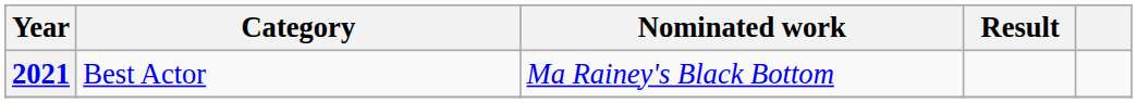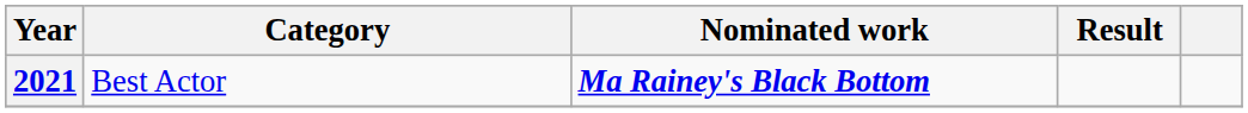 <table class="wikitable plainrowheaders" style="width:100%;">
 <tr>
 <th scope="col" style="width:5%;">Year</th>
 <th scope="col" style="width:40%;">Category</th>
 <th scope="col" style="width:40%;">Nominated work</th>
 <th scope="col" style="width:10%;">Result</th>
 <th scope="col" style="width:5%;"></th>
 </tr>
 <tr>
 <th scope="row" style="text-align:center;"><a href='#'>2021</a></th>
 <td><a href='#'>Best Actor</a></td>
-<td><em><a href='#'>Ma Rainey's Black Bottom</a></em></td>
+<td><strong><em><a href='#'>Ma Rainey's Black Bottom</a></em></strong></td>
 <td></td>
 <td style="text-align:center;"></td>
 </tr>
 <tr>
 </tr>
 </table>
